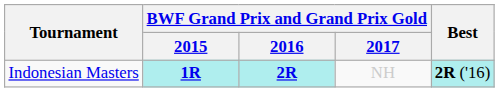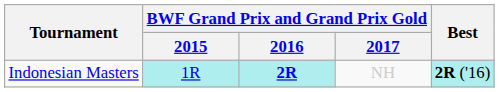 <table style='font-size: 90%; text-align:center;' class='wikitable'>
 <tr>
 <th rowspan="2">Tournament</th>
 <th colspan="3"><strong><a href='#'>BWF Grand Prix and Grand Prix Gold</a></strong></th>
 <th rowspan="2">Best</th>
 </tr>
 <tr>
 <th><a href='#'>2015</a></th>
 <th><a href='#'>2016</a></th>
 <th><a href='#'>2017</a></th>
 </tr>
 <tr>
 <td align=left><a href='#'>Indonesian Masters</a></td>
-<td bgcolor=AFEEEE><strong><a href='#'>1R</a></strong></td>
+<td bgcolor=AFEEEE><a href='#'>1R</a></td>
 <td bgcolor=AFEEEE><a href='#'><strong>2R</strong></a></td>
 <td style=color:#ccc>NH</td>
 <td bgcolor=AFEEEE><strong>2R</strong> ('16)</td>
 </tr>
 </table>
